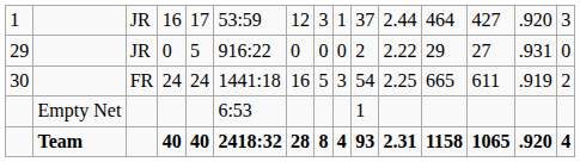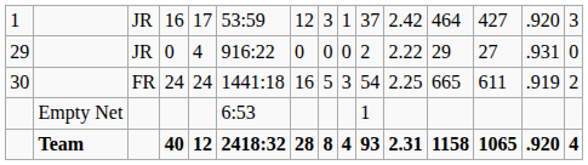 <table class="wikitable sortable">
 <tr align="center"  bgcolor="#dddddd">
 </tr>
 <tr>
 <td>1</td>
 <td></td>
 <td>JR</td>
 <td>16</td>
 <td>17</td>
 <td>53:59</td>
 <td>12</td>
 <td>3</td>
 <td>1</td>
 <td>37</td>
-<td>2.44</td>
+<td>2.42</td>
 <td>464</td>
 <td>427</td>
 <td>.920</td>
 <td>3</td>
 </tr>
 <tr>
 <td>29</td>
 <td></td>
 <td>JR</td>
 <td>0</td>
-<td>5</td>
+<td>4</td>
 <td>916:22</td>
 <td>0</td>
 <td>0</td>
 <td>0</td>
 <td>2</td>
 <td>2.22</td>
 <td>29</td>
 <td>27</td>
 <td>.931</td>
 <td>0</td>
 </tr>
 <tr>
 <td>30</td>
 <td></td>
 <td>FR</td>
 <td>24</td>
 <td>24</td>
 <td>1441:18</td>
 <td>16</td>
 <td>5</td>
 <td>3</td>
 <td>54</td>
 <td>2.25</td>
 <td>665</td>
 <td>611</td>
 <td>.919</td>
 <td>2</td>
 </tr>
 <tr>
 <td></td>
 <td>Empty Net</td>
 <td></td>
 <td></td>
 <td></td>
 <td>6:53</td>
 <td></td>
 <td></td>
 <td></td>
 <td>1</td>
 <td></td>
 <td></td>
 <td></td>
 <td></td>
 <td></td>
 </tr>
 <tr class="sortbottom">
 <td></td>
 <td><strong>Team</strong></td>
 <td></td>
 <td><strong>40</strong></td>
-<td><strong>40</strong></td>
+<td><strong>12</strong></td>
 <td><strong>2418:32</strong></td>
 <td><strong>28</strong></td>
 <td><strong>8</strong></td>
 <td><strong>4</strong></td>
 <td><strong>93</strong></td>
 <td><strong>2.31</strong></td>
 <td><strong>1158</strong></td>
 <td><strong>1065</strong></td>
 <td><strong>.920</strong></td>
 <td><strong>4</strong></td>
 </tr>
 </table>
